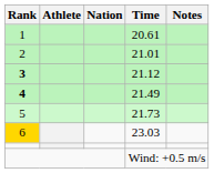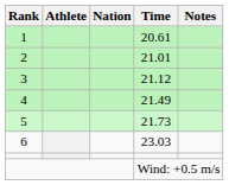 <table class="wikitable plainrowheaders sortable" style="text-align:center;">
 <tr>
 <th scope=col>Rank</th>
 <th scope=col>Athlete</th>
 <th scope=col>Nation</th>
 <th scope=col>Time</th>
 <th scope=col>Notes</th>
 </tr>
 <tr bgcolor=#bbf3bb>
 <td>1</td>
 <th scope=row style="background:#bbf3bb; text-align:left;"></th>
 <td align=left></td>
 <td>20.61</td>
 <td></td>
 </tr>
 <tr bgcolor=#bbf3bb>
 <td>2</td>
 <th scope=row style="background:#bbf3bb; text-align:left;"></th>
 <td align=left></td>
 <td>21.01</td>
 <td></td>
 </tr>
 <tr bgcolor=#bbf3bb>
-<td><strong>3</strong></td>
+<td>3</td>
 <th scope=row style="background:#bbf3bb; text-align:left;"></th>
 <td align=left></td>
 <td>21.12</td>
 <td></td>
 </tr>
 <tr bgcolor=#bbf3bb>
-<td><strong>4</strong></td>
+<td>4</td>
 <th scope=row style="background:#bbf3bb; text-align:left;"></th>
 <td align=left></td>
 <td>21.49</td>
 <td></td>
 </tr>
 <tr bgcolor=#ccf9cc>
 <td>5</td>
 <th scope=row style="background:#ccf9cc; text-align:left;"></th>
 <td align=left></td>
 <td>21.73</td>
 <td></td>
 </tr>
 <tr>
-<td style="background: gold;">6</td>
+<td>6</td>
 <th scope=row style=text-align:left;></th>
 <td align=left></td>
 <td>23.03</td>
 <td></td>
 </tr>
 <tr>
 <td></td>
 <th scope=row style=text-align:left;></th>
 <td align=left></td>
 <td></td>
 <td></td>
 </tr>
 <tr class=sortbottom>
 <td colspan=3></td>
 <td colspan=2 style=text-align:left;>Wind: +0.5 m/s</td>
 </tr>
 </table>
